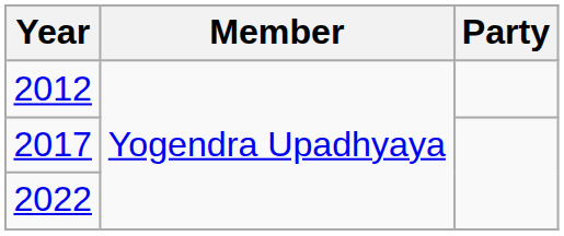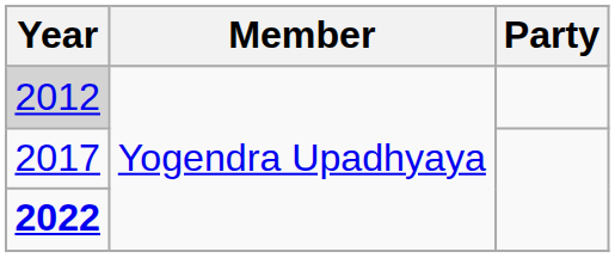 <table class="wikitable sortable">
 <tr>
 <th>Year</th>
 <th>Member</th>
 <th colspan="2">Party</th>
 </tr>
 <tr>
-<td><a href='#'>2012</a></td>
+<td style="background: lightgrey;"><a href='#'>2012</a></td>
 <td rowspan="3"><a href='#'>Yogendra Upadhyaya</a></td>
 <td> </td>
 </tr>
 <tr>
 <td><a href='#'>2017</a></td>
 </tr>
 <tr>
-<td><a href='#'>2022</a></td>
+<td><strong><a href='#'>2022</a></strong></td>
 </tr>
 </table>
